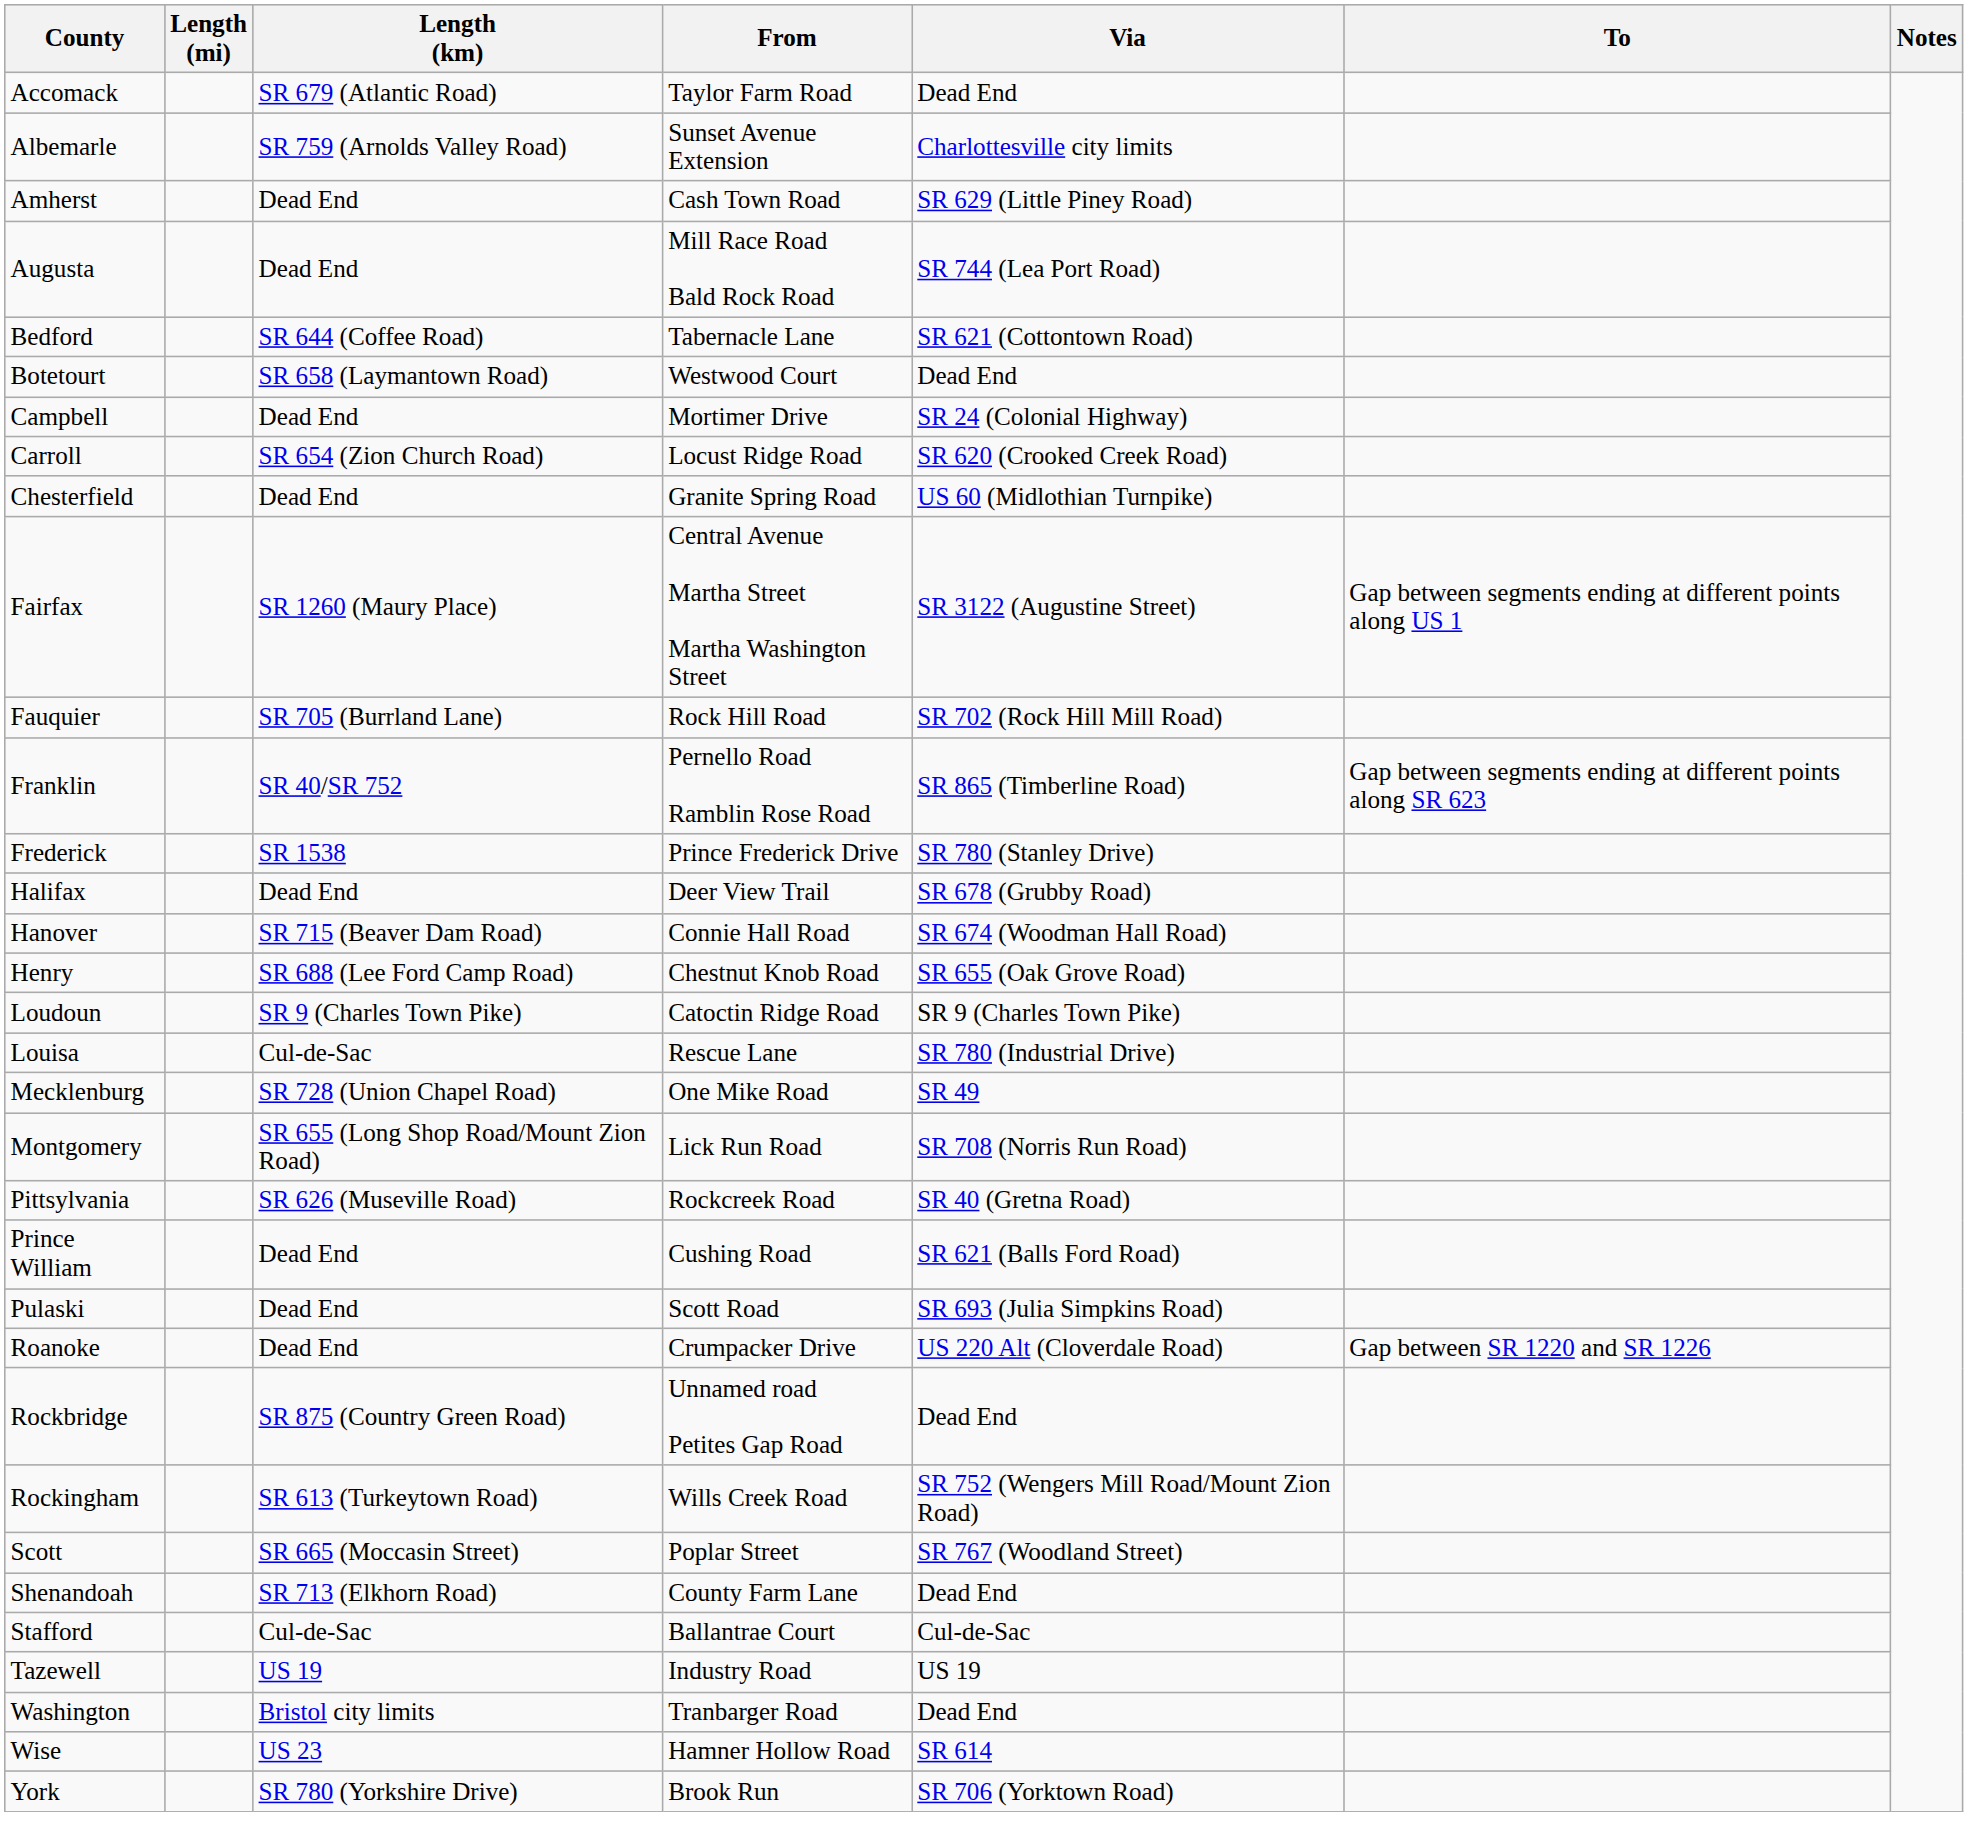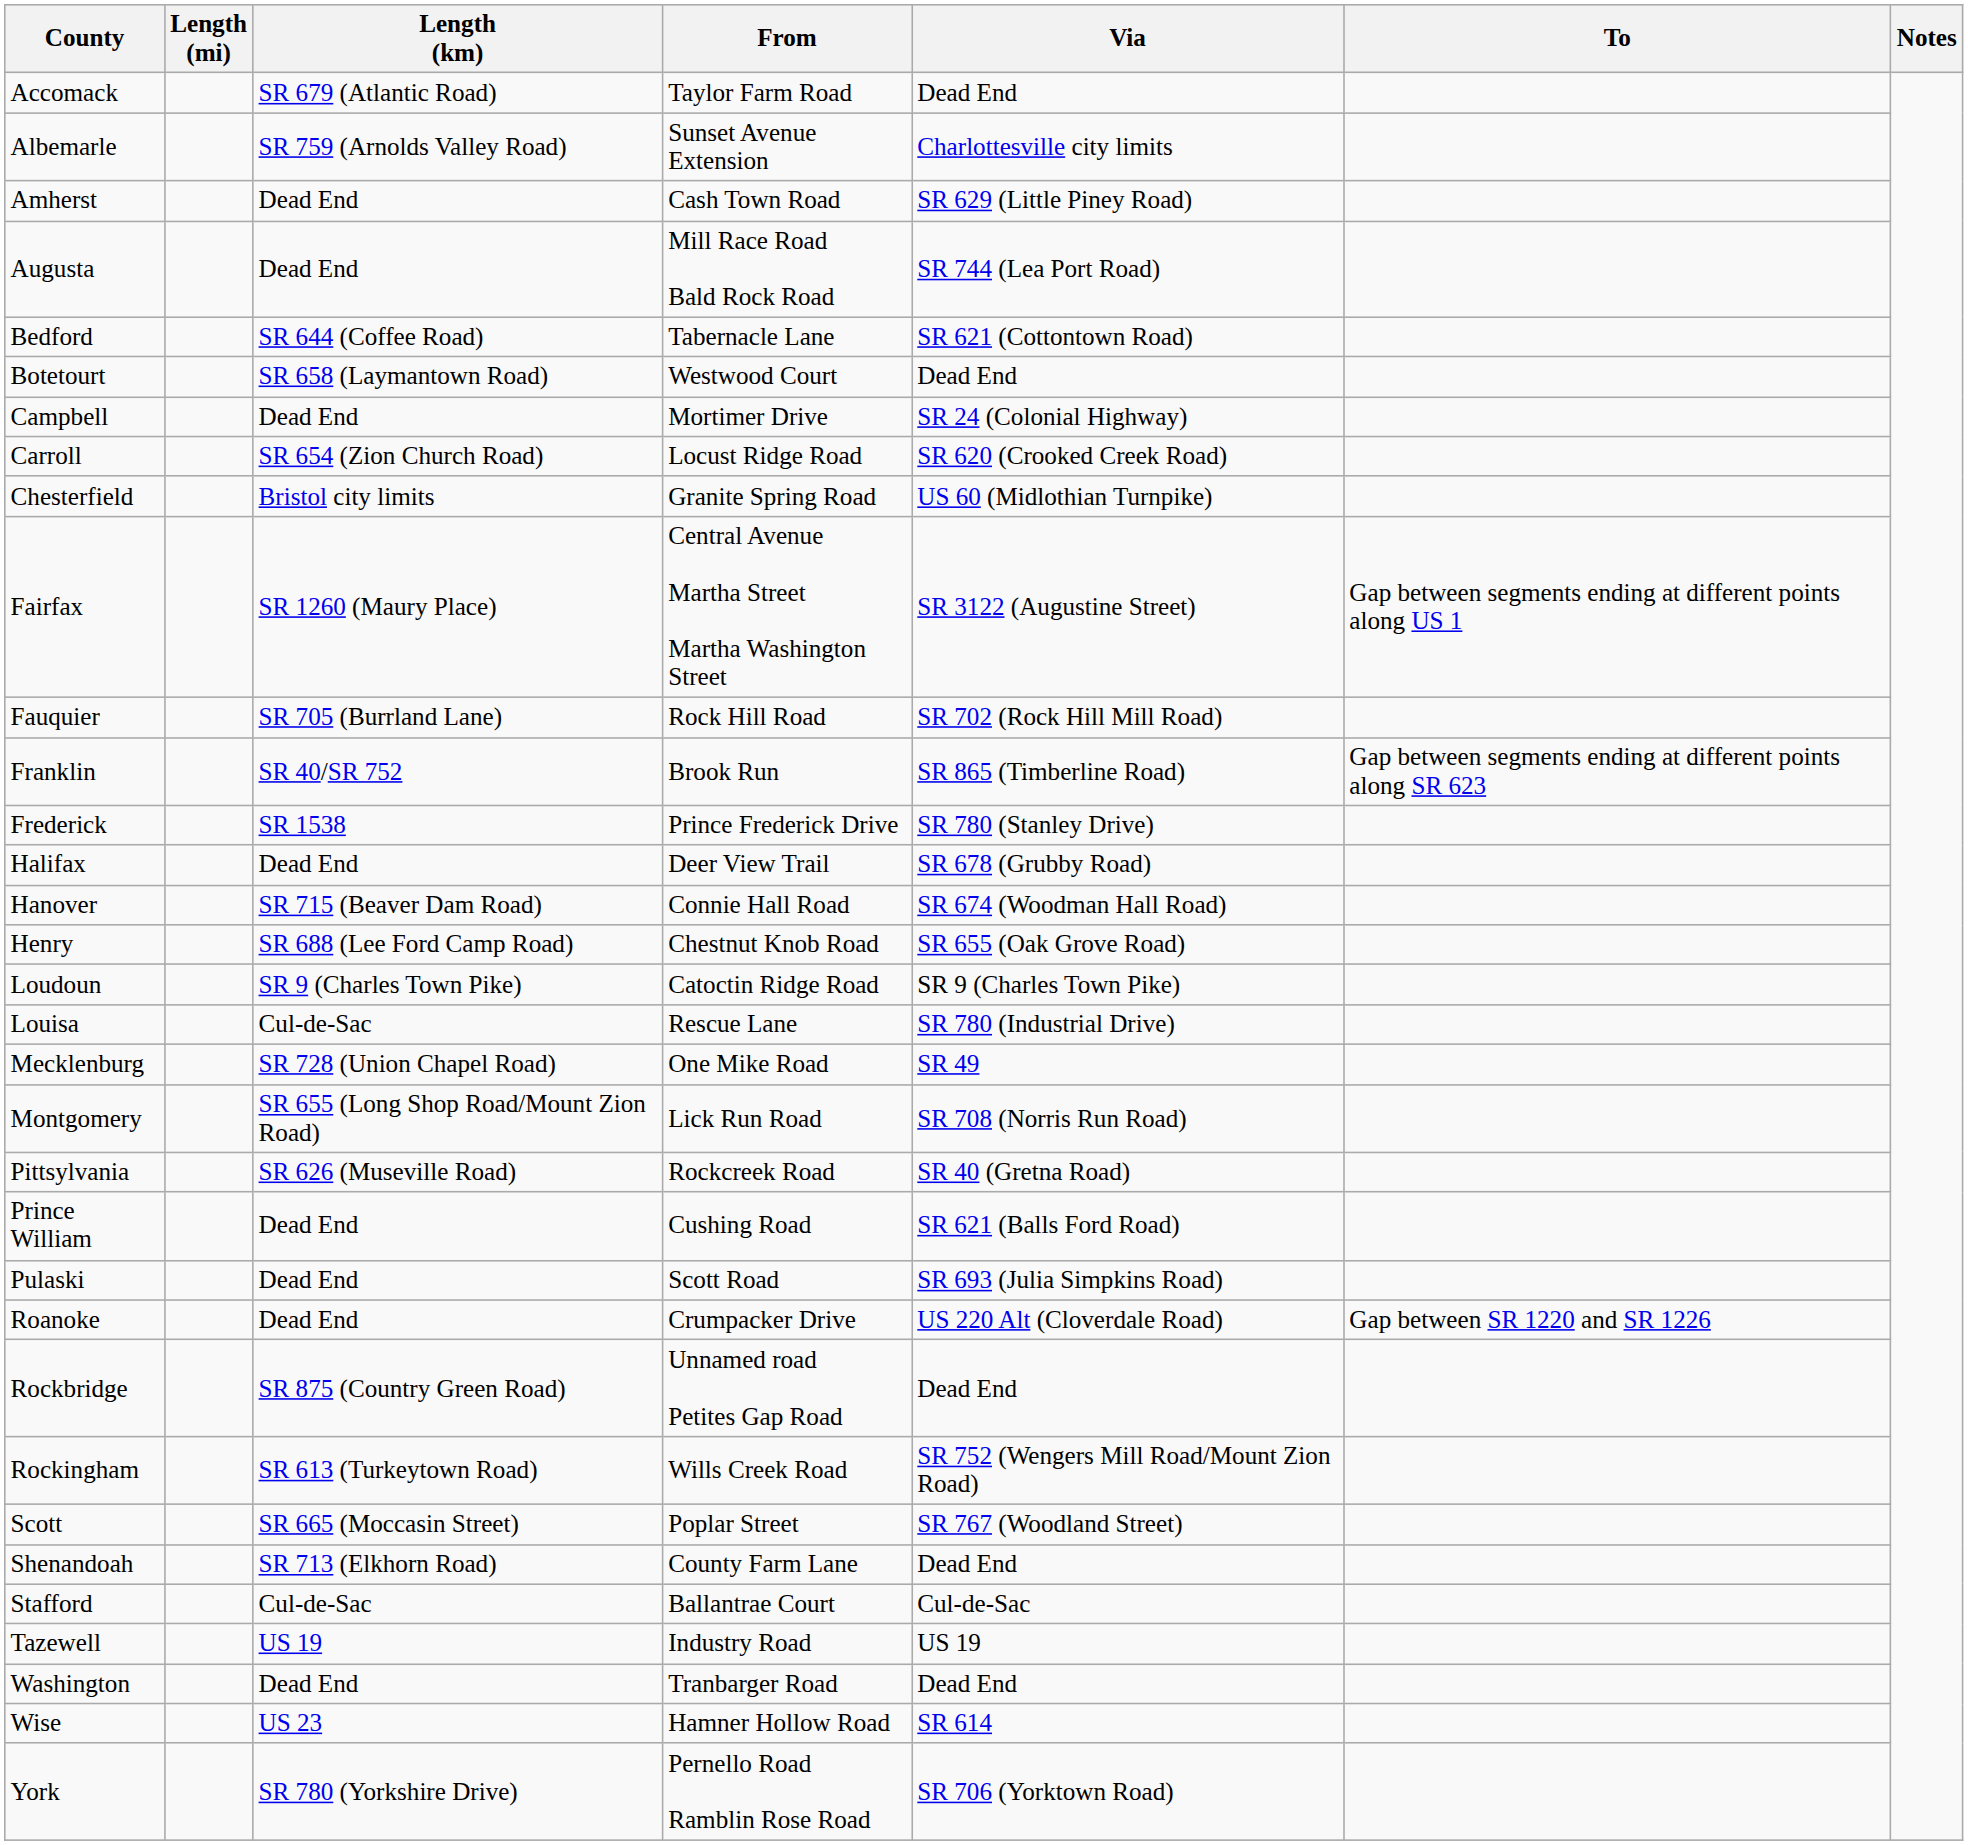 <table class="wikitable sortable">
 <tr>
 <th>County</th>
 <th>Length<br>(mi)</th>
 <th>Length<br>(km)</th>
 <th class="unsortable">From</th>
 <th class="unsortable">Via</th>
 <th class="unsortable">To</th>
 <th class="unsortable">Notes</th>
 </tr>
 <tr>
 <td id="Accomack">Accomack</td>
 <td></td>
 <td><a href='#'>SR 679</a> (Atlantic Road)</td>
 <td>Taylor Farm Road</td>
 <td>Dead End</td>
 <td></td>
 </tr>
 <tr>
 <td id="Albemarle">Albemarle</td>
 <td></td>
 <td><a href='#'>SR 759</a> (Arnolds Valley Road)</td>
 <td>Sunset Avenue Extension</td>
 <td><a href='#'>Charlottesville</a> city limits</td>
 <td><br> </td>
 </tr>
 <tr>
 <td id="Amherst">Amherst</td>
 <td></td>
 <td>Dead End</td>
 <td>Cash Town Road</td>
 <td><a href='#'>SR 629</a> (Little Piney Road)</td>
 <td><br> </td>
 </tr>
 <tr>
 <td id="Augusta">Augusta</td>
 <td></td>
 <td>Dead End</td>
 <td>Mill Race Road<br><br>Bald Rock Road</td>
 <td><a href='#'>SR 744</a> (Lea Port Road)</td>
 <td><br></td>
 </tr>
 <tr>
 <td id="Bedford">Bedford</td>
 <td></td>
 <td><a href='#'>SR 644</a> (Coffee Road)</td>
 <td>Tabernacle Lane</td>
 <td><a href='#'>SR 621</a> (Cottontown Road)</td>
 <td><br></td>
 </tr>
 <tr>
 <td id="Botetourt">Botetourt</td>
 <td></td>
 <td><a href='#'>SR 658</a> (Laymantown Road)</td>
 <td>Westwood Court</td>
 <td>Dead End</td>
 <td><br>  </td>
 </tr>
 <tr>
 <td id="Campbell">Campbell</td>
 <td></td>
 <td>Dead End</td>
 <td>Mortimer Drive</td>
 <td><a href='#'>SR 24</a> (Colonial Highway)</td>
 <td><br></td>
 </tr>
 <tr>
 <td id="Carroll">Carroll</td>
 <td></td>
 <td><a href='#'>SR 654</a> (Zion Church Road)</td>
 <td>Locust Ridge Road</td>
 <td><a href='#'>SR 620</a> (Crooked Creek Road)</td>
 <td><br> </td>
 </tr>
 <tr>
 <td id="Chesterfield">Chesterfield</td>
 <td></td>
-<td>Dead End</td>
+<td><a href='#'>Bristol</a> city limits</td>
 <td>Granite Spring Road</td>
 <td><a href='#'>US 60</a> (Midlothian Turnpike)</td>
 <td><br>      </td>
 </tr>
 <tr>
 <td id="Fairfax">Fairfax</td>
 <td></td>
 <td><a href='#'>SR 1260</a> (Maury Place)</td>
 <td>Central Avenue<br><br>Martha Street<br><br>Martha Washington Street</td>
 <td><a href='#'>SR 3122</a> (Augustine Street)</td>
 <td>Gap between segments ending at different points along <a href='#'>US 1</a></td>
 </tr>
 <tr>
 <td id="Fauquier">Fauquier</td>
 <td></td>
 <td><a href='#'>SR 705</a> (Burrland Lane)</td>
 <td>Rock Hill Road</td>
 <td><a href='#'>SR 702</a> (Rock Hill Mill Road)</td>
 <td><br> </td>
 </tr>
 <tr>
 <td id="Franklin">Franklin</td>
 <td></td>
 <td><a href='#'>SR 40</a>/<a href='#'>SR 752</a></td>
-<td>Pernello Road<br><br>Ramblin Rose Road</td>
+<td>Brook Run</td>
 <td><a href='#'>SR 865</a> (Timberline Road)</td>
 <td>Gap between segments ending at different points along <a href='#'>SR 623</a></td>
 </tr>
 <tr>
 <td id="Frederick">Frederick</td>
 <td></td>
 <td><a href='#'>SR 1538</a></td>
 <td>Prince Frederick Drive</td>
 <td><a href='#'>SR 780</a> (Stanley Drive)</td>
 <td><br>     </td>
 </tr>
 <tr>
 <td id="Halifax">Halifax</td>
 <td></td>
 <td>Dead End</td>
 <td>Deer View Trail</td>
 <td><a href='#'>SR 678</a> (Grubby Road)</td>
 <td></td>
 </tr>
 <tr>
 <td id="Hanover">Hanover</td>
 <td></td>
 <td><a href='#'>SR 715</a> (Beaver Dam Road)</td>
 <td>Connie Hall Road</td>
 <td><a href='#'>SR 674</a> (Woodman Hall Road)</td>
 <td><br></td>
 </tr>
 <tr>
 <td id="Henry">Henry</td>
 <td></td>
 <td><a href='#'>SR 688</a> (Lee Ford Camp Road)</td>
 <td>Chestnut Knob Road</td>
 <td><a href='#'>SR 655</a> (Oak Grove Road)</td>
 <td><br>       </td>
 </tr>
 <tr>
 <td id="Loudoun">Loudoun</td>
 <td></td>
 <td><a href='#'>SR 9</a> (Charles Town Pike)</td>
 <td>Catoctin Ridge Road</td>
 <td>SR 9 (Charles Town Pike)</td>
 <td></td>
 </tr>
 <tr>
 <td id="Louisa">Louisa</td>
 <td></td>
 <td>Cul-de-Sac</td>
 <td>Rescue Lane</td>
 <td><a href='#'>SR 780</a> (Industrial Drive)</td>
 <td><br>  </td>
 </tr>
 <tr>
 <td id="Mecklenburg">Mecklenburg</td>
 <td></td>
 <td><a href='#'>SR 728</a> (Union Chapel Road)</td>
 <td>One Mike Road</td>
 <td><a href='#'>SR 49</a></td>
 <td><br></td>
 </tr>
 <tr>
 <td id="Montgomery">Montgomery</td>
 <td></td>
 <td><a href='#'>SR 655</a> (Long Shop Road/Mount Zion Road)</td>
 <td>Lick Run Road</td>
 <td><a href='#'>SR 708</a> (Norris Run Road)</td>
 <td><br>       </td>
 </tr>
 <tr>
 <td id="Pittsylvania">Pittsylvania</td>
 <td></td>
 <td><a href='#'>SR 626</a> (Museville Road)</td>
 <td>Rockcreek Road</td>
 <td><a href='#'>SR 40</a> (Gretna Road)</td>
 <td><br>  </td>
 </tr>
 <tr>
 <td id="Prince William">Prince William</td>
 <td></td>
 <td>Dead End</td>
 <td>Cushing Road</td>
 <td><a href='#'>SR 621</a> (Balls Ford Road)</td>
 <td></td>
 </tr>
 <tr>
 <td id="Pulaski">Pulaski</td>
 <td></td>
 <td>Dead End</td>
 <td>Scott Road</td>
 <td><a href='#'>SR 693</a> (Julia Simpkins Road)</td>
 <td><br> </td>
 </tr>
 <tr>
 <td id="Roanoke">Roanoke</td>
 <td></td>
 <td>Dead End</td>
 <td>Crumpacker Drive</td>
 <td><a href='#'>US 220 Alt</a> (Cloverdale Road)</td>
 <td>Gap between <a href='#'>SR 1220</a> and <a href='#'>SR 1226</a></td>
 </tr>
 <tr>
 <td id="Rockbridge">Rockbridge</td>
 <td></td>
 <td><a href='#'>SR 875</a> (Country Green Road)</td>
 <td>Unnamed road<br><br>Petites Gap Road</td>
 <td>Dead End</td>
 <td></td>
 </tr>
 <tr>
 <td id="Rockingham">Rockingham</td>
 <td></td>
 <td><a href='#'>SR 613</a> (Turkeytown Road)</td>
 <td>Wills Creek Road</td>
 <td><a href='#'>SR 752</a> (Wengers Mill Road/Mount Zion Road)</td>
 <td><br></td>
 </tr>
 <tr>
 <td id="Scott">Scott</td>
 <td></td>
 <td><a href='#'>SR 665</a> (Moccasin Street)</td>
 <td>Poplar Street</td>
 <td><a href='#'>SR 767</a> (Woodland Street)</td>
 <td></td>
 </tr>
 <tr>
 <td id="Shenandoah">Shenandoah</td>
 <td></td>
 <td><a href='#'>SR 713</a> (Elkhorn Road)</td>
 <td>County Farm Lane</td>
 <td>Dead End</td>
 <td><br>  </td>
 </tr>
 <tr>
 <td id="Stafford">Stafford</td>
 <td></td>
 <td>Cul-de-Sac</td>
 <td>Ballantrae Court</td>
 <td>Cul-de-Sac</td>
 <td><br> </td>
 </tr>
 <tr>
 <td id="Tazewell">Tazewell</td>
 <td></td>
 <td><a href='#'>US 19</a></td>
 <td>Industry Road</td>
 <td>US 19</td>
 <td><br></td>
 </tr>
 <tr>
 <td id="Washington">Washington</td>
 <td></td>
-<td><a href='#'>Bristol</a> city limits</td>
+<td>Dead End</td>
 <td>Tranbarger Road</td>
 <td>Dead End</td>
 <td><br></td>
 </tr>
 <tr>
 <td id="Wise">Wise</td>
 <td></td>
 <td><a href='#'>US 23</a></td>
 <td>Hamner Hollow Road</td>
 <td><a href='#'>SR 614</a></td>
 <td><br></td>
 </tr>
 <tr>
 <td id="York">York</td>
 <td></td>
 <td><a href='#'>SR 780</a> (Yorkshire Drive)</td>
-<td>Brook Run</td>
+<td>Pernello Road<br><br>Ramblin Rose Road</td>
 <td><a href='#'>SR 706</a> (Yorktown Road)</td>
 <td></td>
 </tr>
 </table>
